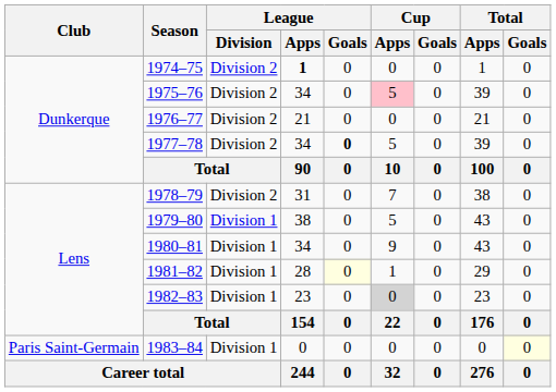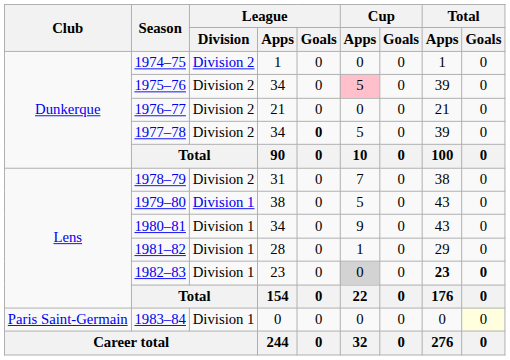 <table class="wikitable" style="text-align:center">
 <tr>
 <th rowspan="2">Club</th>
 <th rowspan="2">Season</th>
 <th colspan="3">League</th>
 <th colspan="2">Cup</th>
 <th colspan="2">Total</th>
 </tr>
 <tr>
 <th>Division</th>
 <th>Apps</th>
 <th>Goals</th>
 <th>Apps</th>
 <th>Goals</th>
 <th>Apps</th>
 <th>Goals</th>
 </tr>
 <tr>
 <td rowspan="5"><a href='#'>Dunkerque</a></td>
 <td><a href='#'>1974–75</a></td>
 <td><a href='#'>Division 2</a></td>
-<td><strong>1</strong></td>
+<td>1</td>
 <td>0</td>
 <td>0</td>
 <td>0</td>
 <td>1</td>
 <td>0</td>
 </tr>
 <tr>
 <td><a href='#'>1975–76</a></td>
 <td>Division 2</td>
 <td>34</td>
 <td>0</td>
 <td style="background: pink;">5</td>
 <td>0</td>
 <td>39</td>
 <td>0</td>
 </tr>
 <tr>
 <td><a href='#'>1976–77</a></td>
 <td>Division 2</td>
 <td>21</td>
 <td>0</td>
 <td>0</td>
 <td>0</td>
 <td>21</td>
 <td>0</td>
 </tr>
 <tr>
 <td><a href='#'>1977–78</a></td>
 <td>Division 2</td>
 <td>34</td>
 <td><strong>0</strong></td>
 <td>5</td>
 <td>0</td>
 <td>39</td>
 <td>0</td>
 </tr>
 <tr>
 <th colspan="2">Total</th>
 <th>90</th>
 <th>0</th>
 <th>10</th>
 <th>0</th>
 <th>100</th>
 <th>0</th>
 </tr>
 <tr>
 <td rowspan="6"><a href='#'>Lens</a></td>
 <td><a href='#'>1978–79</a></td>
 <td>Division 2</td>
 <td>31</td>
 <td>0</td>
 <td>7</td>
 <td>0</td>
 <td>38</td>
 <td>0</td>
 </tr>
 <tr>
 <td><a href='#'>1979–80</a></td>
 <td><a href='#'>Division 1</a></td>
 <td>38</td>
 <td>0</td>
 <td>5</td>
 <td>0</td>
 <td>43</td>
 <td>0</td>
 </tr>
 <tr>
 <td><a href='#'>1980–81</a></td>
 <td>Division 1</td>
 <td>34</td>
 <td>0</td>
 <td>9</td>
 <td>0</td>
 <td>43</td>
 <td>0</td>
 </tr>
 <tr>
 <td><a href='#'>1981–82</a></td>
 <td>Division 1</td>
 <td>28</td>
-<td style="background: lightyellow;">0</td>
+<td>0</td>
 <td>1</td>
 <td>0</td>
 <td>29</td>
 <td>0</td>
 </tr>
 <tr>
 <td><a href='#'>1982–83</a></td>
 <td>Division 1</td>
 <td>23</td>
 <td>0</td>
 <td style="background: lightgrey;">0</td>
 <td>0</td>
-<td>23</td>
-<td>0</td>
+<td><strong>23</strong></td>
+<td><strong>0</strong></td>
 </tr>
 <tr>
 <th colspan="2">Total</th>
 <th>154</th>
 <th>0</th>
 <th>22</th>
 <th>0</th>
 <th>176</th>
 <th>0</th>
 </tr>
 <tr>
 <td><a href='#'>Paris Saint-Germain</a></td>
 <td><a href='#'>1983–84</a></td>
 <td>Division 1</td>
 <td>0</td>
 <td>0</td>
 <td>0</td>
 <td>0</td>
 <td>0</td>
 <td style="background: lightyellow;">0</td>
 </tr>
 <tr>
 <th colspan="3">Career total</th>
 <th>244</th>
 <th>0</th>
 <th>32</th>
 <th>0</th>
 <th>276</th>
 <th>0</th>
 </tr>
 </table>
